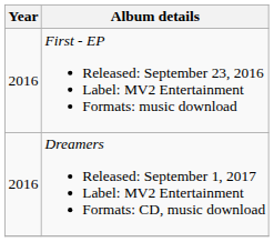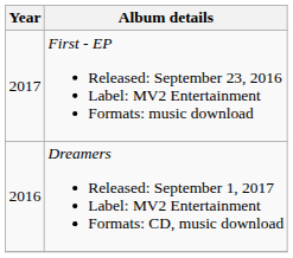 <table class="wikitable">
 <tr>
 <th>Year</th>
 <th>Album details</th>
 </tr>
 <tr>
-<td>2016</td>
+<td>2017</td>
 <td><em>First - EP</em><br><ul><li>Released: September 23, 2016</li><li>Label: MV2 Entertainment</li><li>Formats: music download</li></ul></td>
 </tr>
 <tr>
 <td>2016</td>
 <td><em>Dreamers</em><br><ul><li>Released: September 1, 2017</li><li>Label: MV2 Entertainment</li><li>Formats: CD, music download</li></ul></td>
 </tr>
 <tr>
 </tr>
 </table>
